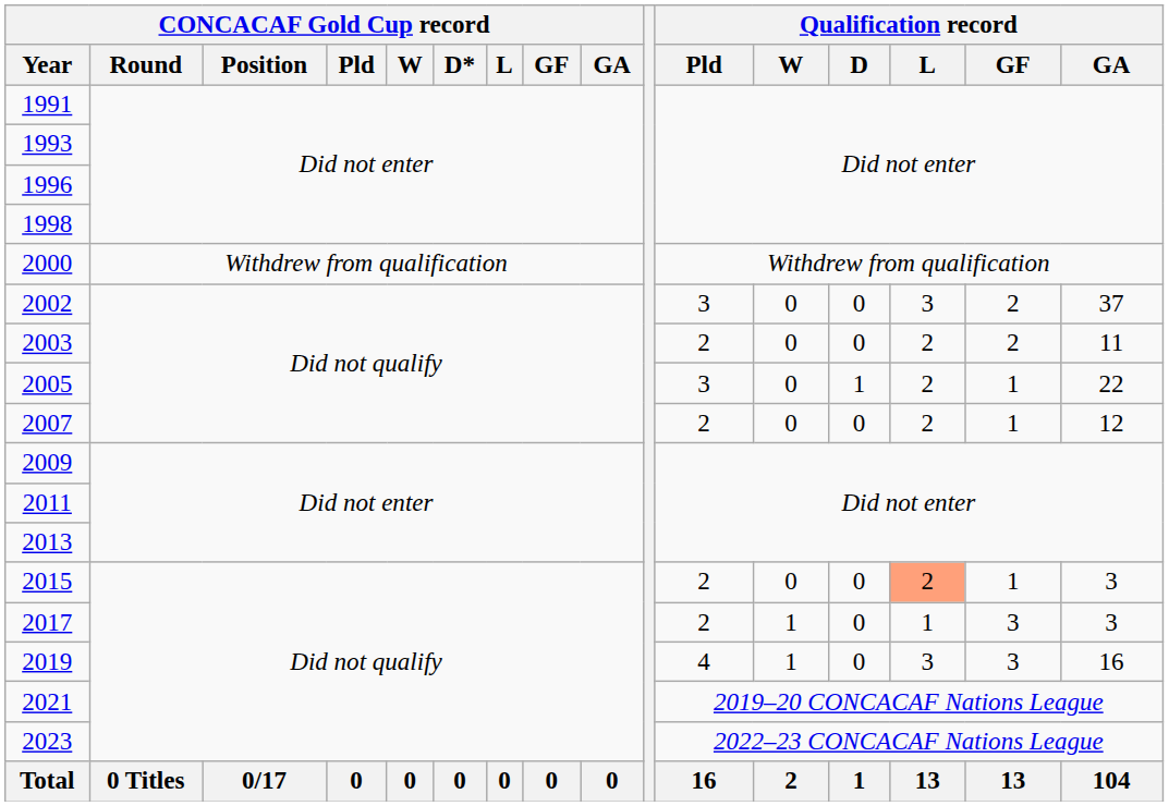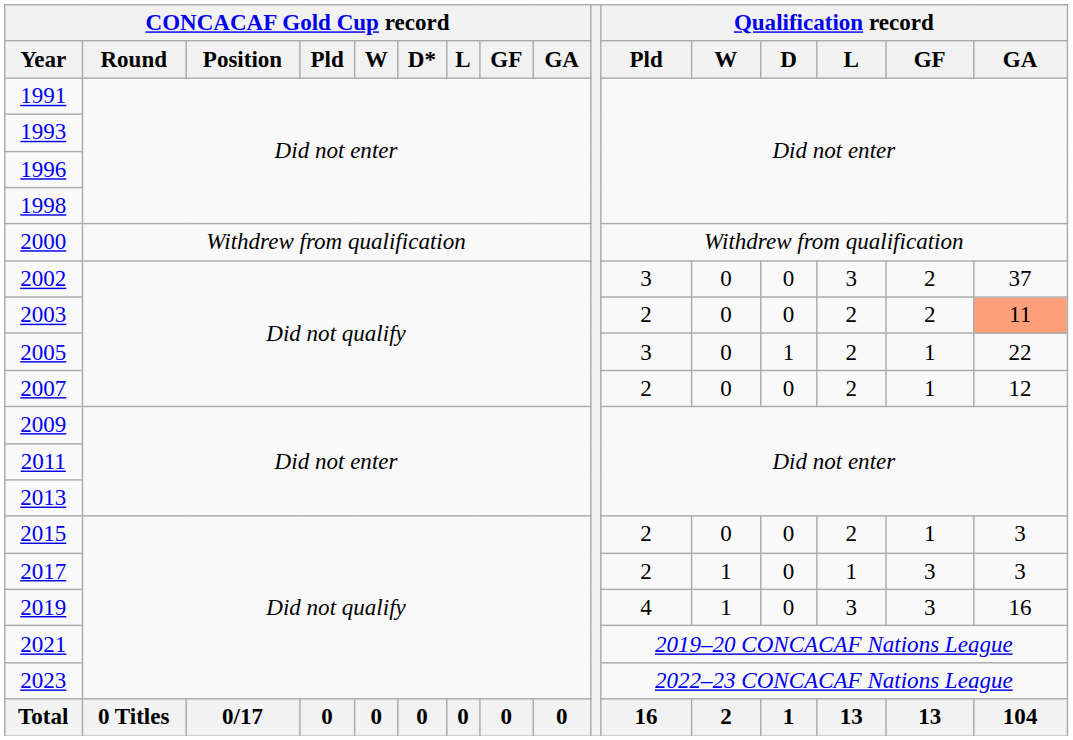 <table class="wikitable" style="text-align: center;">
 <tr>
 <th colspan=9><a href='#'>CONCACAF Gold Cup</a> record</th>
 <th width=1% rowspan="20"></th>
 <th colspan=6><a href='#'>Qualification</a> record</th>
 </tr>
 <tr>
 <th>Year</th>
 <th>Round</th>
 <th>Position</th>
 <th>Pld</th>
 <th>W</th>
 <th>D*</th>
 <th>L</th>
 <th>GF</th>
 <th>GA</th>
 <th>Pld</th>
 <th>W</th>
 <th>D</th>
 <th>L</th>
 <th>GF</th>
 <th>GA</th>
 </tr>
 <tr>
 <td> <a href='#'>1991</a></td>
 <td colspan="8" rowspan="4"><em>Did not enter</em></td>
 <td colspan="6" rowspan="4"><em>Did not enter</em></td>
 </tr>
 <tr>
 <td> <a href='#'>1993</a></td>
 </tr>
 <tr>
 <td> <a href='#'>1996</a></td>
 </tr>
 <tr>
 <td> <a href='#'>1998</a></td>
 </tr>
 <tr>
 <td> <a href='#'>2000</a></td>
 <td colspan="8"><em>Withdrew from qualification</em></td>
 <td colspan="6"><em>Withdrew from qualification</em> </td>
 </tr>
 <tr>
 <td> <a href='#'>2002</a></td>
 <td colspan="8" rowspan="4"><em>Did not qualify</em></td>
 <td>3</td>
 <td>0</td>
 <td>0</td>
 <td>3</td>
 <td>2</td>
 <td>37</td>
 </tr>
 <tr>
 <td> <a href='#'>2003</a></td>
 <td>2</td>
 <td>0</td>
 <td>0</td>
 <td>2</td>
 <td>2</td>
-<td>11</td>
+<td style="background: lightsalmon;">11</td>
 </tr>
 <tr>
 <td> <a href='#'>2005</a></td>
 <td>3</td>
 <td>0</td>
 <td>1</td>
 <td>2</td>
 <td>1</td>
 <td>22</td>
 </tr>
 <tr>
 <td> <a href='#'>2007</a></td>
 <td>2</td>
 <td>0</td>
 <td>0</td>
 <td>2</td>
 <td>1</td>
 <td>12</td>
 </tr>
 <tr>
 <td> <a href='#'>2009</a></td>
 <td colspan="8" rowspan="3"><em>Did not enter</em></td>
 <td colspan="6" rowspan="3"><em>Did not enter</em></td>
 </tr>
 <tr>
 <td> <a href='#'>2011</a></td>
 </tr>
 <tr>
 <td> <a href='#'>2013</a></td>
 </tr>
 <tr>
 <td> <a href='#'>2015</a></td>
 <td colspan="8" rowspan="5"><em>Did not qualify</em></td>
 <td>2</td>
 <td>0</td>
 <td>0</td>
-<td style="background: lightsalmon;">2</td>
+<td>2</td>
 <td>1</td>
 <td>3</td>
 </tr>
 <tr>
 <td> <a href='#'>2017</a></td>
 <td>2</td>
 <td>1</td>
 <td>0</td>
 <td>1</td>
 <td>3</td>
 <td>3</td>
 </tr>
 <tr>
 <td> <a href='#'>2019</a></td>
 <td>4</td>
 <td>1</td>
 <td>0</td>
 <td>3</td>
 <td>3</td>
 <td>16</td>
 </tr>
 <tr>
 <td> <a href='#'>2021</a></td>
 <td colspan="6"><em><a href='#'>2019–20 CONCACAF Nations League</a></em></td>
 </tr>
 <tr>
 <td> <a href='#'>2023</a></td>
 <td colspan="6"><em><a href='#'>2022–23 CONCACAF Nations League</a></em></td>
 </tr>
 <tr>
 <th><strong>Total</strong></th>
 <th><strong>0 Titles</strong></th>
 <th><strong>0/17</strong></th>
 <th><strong>0</strong></th>
 <th><strong>0</strong></th>
 <th><strong>0</strong></th>
 <th><strong>0</strong></th>
 <th><strong>0</strong></th>
 <th><strong>0</strong></th>
 <th><strong>16</strong></th>
 <th><strong>2</strong></th>
 <th><strong>1</strong></th>
 <th><strong>13</strong></th>
 <th><strong>13</strong></th>
 <th><strong>104</strong></th>
 </tr>
 </table>
